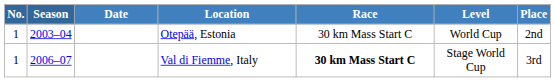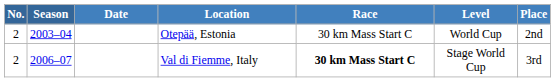 <table class="wikitable sortable" style="font-size:95%; text-align:center; border:grey solid 1px; border-collapse:collapse; background:#ffffff;">
 <tr style="background:#efefef;">
 <th style="background-color:#369; color:white;">No.</th>
 <th style="background-color:#369; color:white;">Season</th>
 <th style="background-color:#4180be; color:white; width:100px;">Date</th>
 <th style="background-color:#4180be; color:white; width:170px;">Location</th>
 <th style="background-color:#4180be; color:white; width:170px;">Race</th>
 <th style="background-color:#4180be; color:white; width:100px;">Level</th>
 <th style="background-color:#4180be; color:white;">Place</th>
 </tr>
 <tr>
-<td>1</td>
+<td>2</td>
 <td><a href='#'>2003–04</a></td>
 <td style="text-align: right;"></td>
 <td style="text-align: left;"> <a href='#'>Otepää</a>, Estonia</td>
 <td>30 km Mass Start C</td>
 <td>World Cup</td>
 <td>2nd</td>
 </tr>
 <tr>
-<td>1</td>
+<td>2</td>
 <td><a href='#'>2006–07</a></td>
 <td style="text-align: right;"></td>
 <td style="text-align: left;"> <a href='#'>Val di Fiemme</a>, Italy</td>
 <td><strong>30 km Mass Start C</strong></td>
 <td>Stage World Cup</td>
 <td>3rd</td>
 </tr>
 </table>
